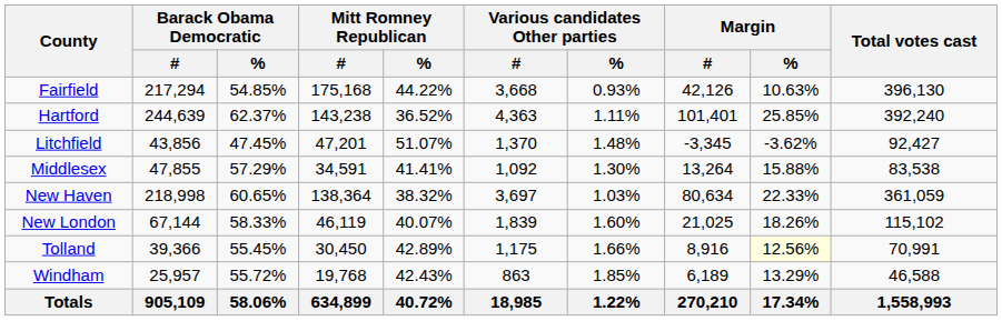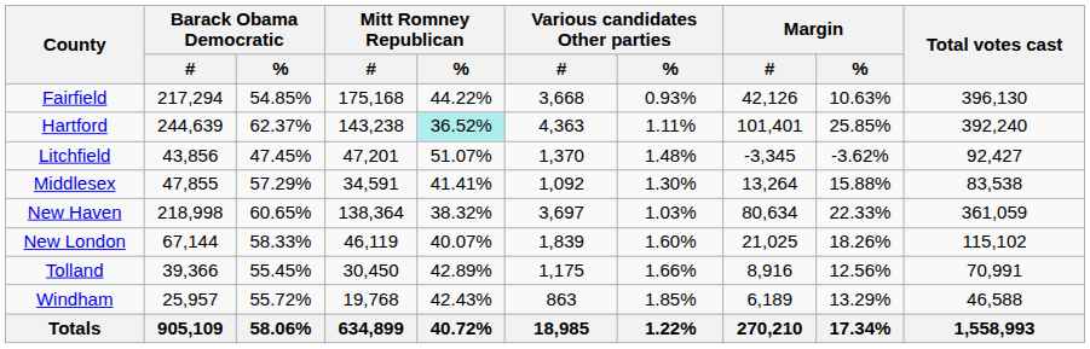 <table width="60%"  class="wikitable sortable" style="text-align:center">
 <tr>
 <th style="text-align:center;" rowspan="2">County</th>
 <th style="text-align:center;" colspan="2">Barack Obama<br>Democratic</th>
 <th style="text-align:center;" colspan="2">Mitt Romney<br>Republican</th>
 <th style="text-align:center;" colspan="2">Various candidates<br>Other parties</th>
 <th style="text-align:center;" colspan="2">Margin</th>
 <th style="text-align:center;" rowspan="2">Total votes cast</th>
 </tr>
 <tr>
 <th style="text-align:center;" data-sort-type="number">#</th>
 <th style="text-align:center;" data-sort-type="number">%</th>
 <th style="text-align:center;" data-sort-type="number">#</th>
 <th style="text-align:center;" data-sort-type="number">%</th>
 <th style="text-align:center;" data-sort-type="number">#</th>
 <th style="text-align:center;" data-sort-type="number">%</th>
 <th style="text-align:center;" data-sort-type="number">#</th>
 <th style="text-align:center;" data-sort-type="number">%</th>
 </tr>
 <tr style="text-align:center;">
 <td><a href='#'>Fairfield</a></td>
 <td>217,294</td>
 <td>54.85%</td>
 <td>175,168</td>
 <td>44.22%</td>
 <td>3,668</td>
 <td>0.93%</td>
 <td>42,126</td>
 <td>10.63%</td>
 <td>396,130</td>
 </tr>
 <tr style="text-align:center;">
 <td><a href='#'>Hartford</a></td>
 <td>244,639</td>
 <td>62.37%</td>
 <td>143,238</td>
-<td>36.52%</td>
+<td style="background: paleturquoise;">36.52%</td>
 <td>4,363</td>
 <td>1.11%</td>
 <td>101,401</td>
 <td>25.85%</td>
 <td>392,240</td>
 </tr>
 <tr style="text-align:center;">
 <td><a href='#'>Litchfield</a></td>
 <td>43,856</td>
 <td>47.45%</td>
 <td>47,201</td>
 <td>51.07%</td>
 <td>1,370</td>
 <td>1.48%</td>
 <td>-3,345</td>
 <td>-3.62%</td>
 <td>92,427</td>
 </tr>
 <tr style="text-align:center;">
 <td><a href='#'>Middlesex</a></td>
 <td>47,855</td>
 <td>57.29%</td>
 <td>34,591</td>
 <td>41.41%</td>
 <td>1,092</td>
 <td>1.30%</td>
 <td>13,264</td>
 <td>15.88%</td>
 <td>83,538</td>
 </tr>
 <tr style="text-align:center;">
 <td><a href='#'>New Haven</a></td>
 <td>218,998</td>
 <td>60.65%</td>
 <td>138,364</td>
 <td>38.32%</td>
 <td>3,697</td>
 <td>1.03%</td>
 <td>80,634</td>
 <td>22.33%</td>
 <td>361,059</td>
 </tr>
 <tr style="text-align:center;">
 <td><a href='#'>New London</a></td>
 <td>67,144</td>
 <td>58.33%</td>
 <td>46,119</td>
 <td>40.07%</td>
 <td>1,839</td>
 <td>1.60%</td>
 <td>21,025</td>
 <td>18.26%</td>
 <td>115,102</td>
 </tr>
 <tr style="text-align:center;">
 <td><a href='#'>Tolland</a></td>
 <td>39,366</td>
 <td>55.45%</td>
 <td>30,450</td>
 <td>42.89%</td>
 <td>1,175</td>
 <td>1.66%</td>
 <td>8,916</td>
-<td style="background: lightyellow;">12.56%</td>
+<td>12.56%</td>
 <td>70,991</td>
 </tr>
 <tr style="text-align:center;">
 <td><a href='#'>Windham</a></td>
 <td>25,957</td>
 <td>55.72%</td>
 <td>19,768</td>
 <td>42.43%</td>
 <td>863</td>
 <td>1.85%</td>
 <td>6,189</td>
 <td>13.29%</td>
 <td>46,588</td>
 </tr>
 <tr>
 <th>Totals</th>
 <th>905,109</th>
 <th>58.06%</th>
 <th>634,899</th>
 <th>40.72%</th>
 <th>18,985</th>
 <th>1.22%</th>
 <th>270,210</th>
 <th>17.34%</th>
 <th>1,558,993</th>
 </tr>
 </table>
